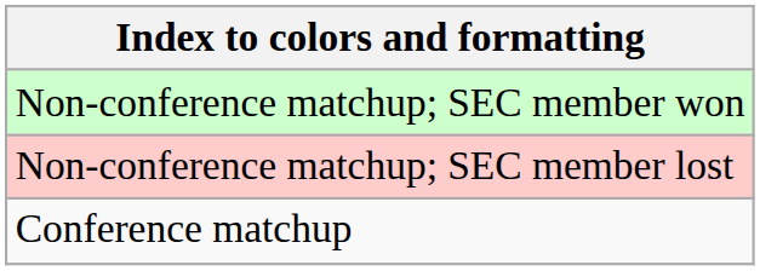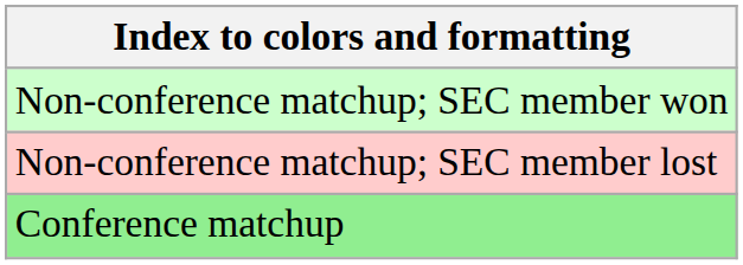 <table class="wikitable">
 <tr>
 <th>Index to colors and formatting</th>
 </tr>
 <tr bgcolor= #ccffcc>
 <td>Non-conference matchup; SEC member won</td>
 </tr>
 <tr bgcolor=#ffcccc>
 <td>Non-conference matchup; SEC member lost</td>
 </tr>
 <tr>
-<td>Conference matchup</td>
+<td style="background: lightgreen;">Conference matchup</td>
 </tr>
 </table>
